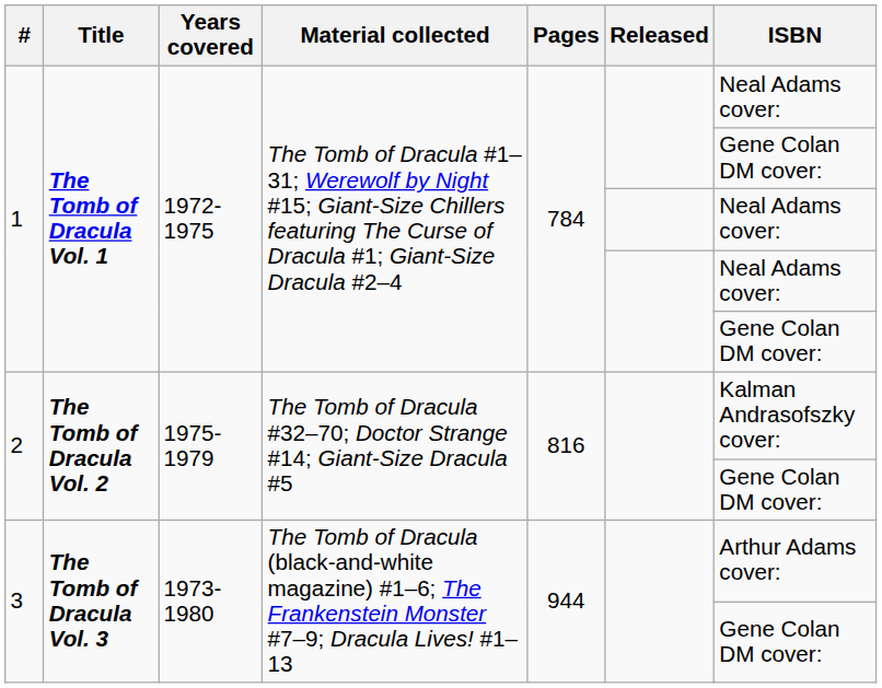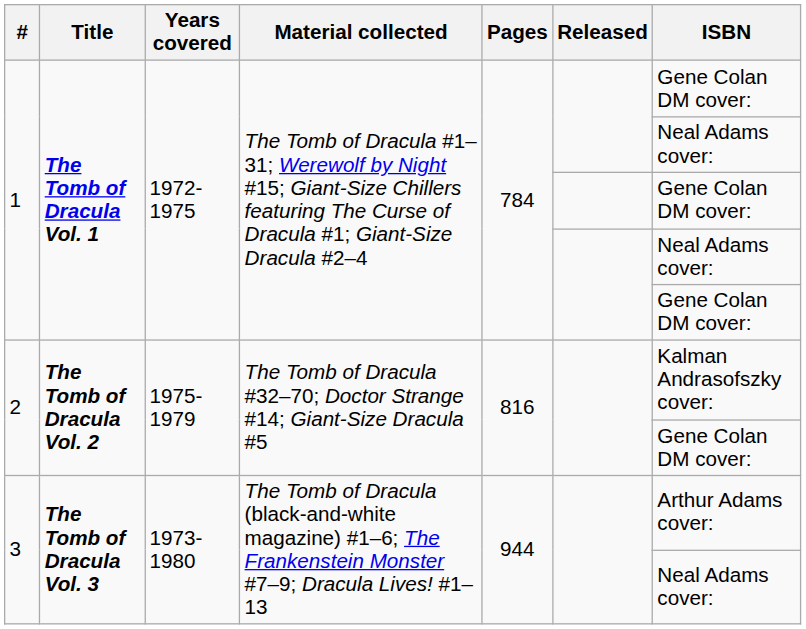 <table class="wikitable sortable" width="99%">
 <tr>
 <th class="unsortable" width="20px">#</th>
 <th>Title</th>
 <th>Years covered</th>
 <th class="unsortable">Material collected</th>
 <th>Pages</th>
 <th>Released</th>
 <th class="unsortable">ISBN</th>
 </tr>
 <tr>
 <td rowspan=5>1</td>
 <td rowspan=5><strong><em><a href='#'>The Tomb of Dracula</a> Vol. 1</em></strong></td>
 <td rowspan=5>1972-1975</td>
 <td rowspan=5><em>The Tomb of Dracula</em> #1–31; <em><a href='#'>Werewolf by Night</a></em> #15; <em>Giant-Size Chillers featuring The Curse of Dracula</em> #1; <em>Giant-Size Dracula</em> #2–4</td>
 <td rowspan=5 style="text-align: center;">784</td>
 <td rowspan=2></td>
+<td>Gene Colan DM cover: </td>
+</tr>
+<tr>
 <td>Neal Adams cover: </td>
 </tr>
 <tr>
+<td></td>
 <td>Gene Colan DM cover: </td>
-</tr>
-<tr>
-<td></td>
-<td>Neal Adams cover: </td>
 </tr>
 <tr>
 <td rowspan=2></td>
 <td>Neal Adams cover: </td>
 </tr>
 <tr>
 <td>Gene Colan DM cover: </td>
 </tr>
 <tr>
 <td rowspan=2>2</td>
 <td rowspan=2><strong><em>The Tomb of Dracula Vol. 2</em></strong></td>
 <td rowspan=2>1975-1979</td>
 <td rowspan=2><em>The Tomb of Dracula</em> #32–70; <em>Doctor Strange</em> #14; <em>Giant-Size Dracula</em> #5</td>
 <td rowspan="2" style="text-align: center;">816</td>
 <td rowspan="2"></td>
 <td>Kalman Andrasofszky cover: </td>
 </tr>
 <tr>
 <td>Gene Colan DM cover: </td>
 </tr>
 <tr>
 <td rowspan=2>3</td>
 <td rowspan=2><strong><em>The Tomb of Dracula Vol. 3</em></strong></td>
 <td rowspan=2>1973-1980</td>
 <td rowspan=2><em>The Tomb of Dracula</em> (black-and-white magazine) #1–6; <em><a href='#'>The Frankenstein Monster</a></em> #7–9; <em>Dracula Lives!</em> #1–13</td>
 <td rowspan=2 style="text-align: center;">944</td>
 <td rowspan=2></td>
 <td>Arthur Adams cover: </td>
 </tr>
 <tr>
-<td>Gene Colan DM cover: </td>
+<td>Neal Adams cover: </td>
 </tr>
 </table>
